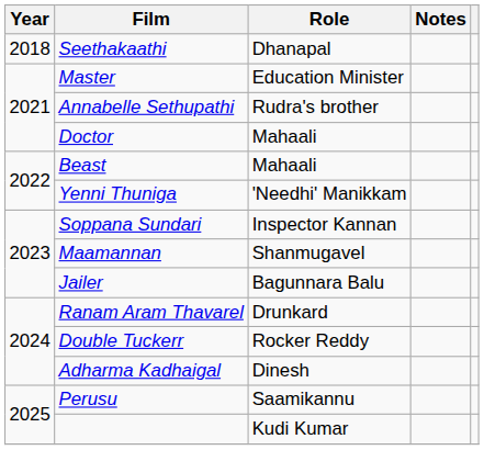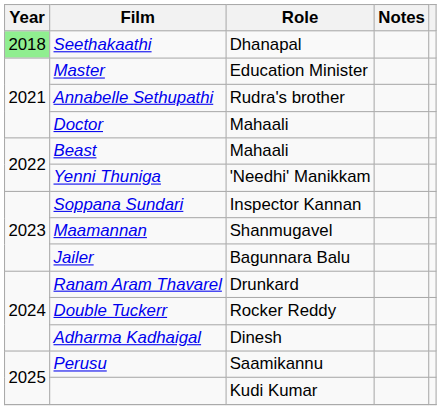 <table class="wikitable sortable">
 <tr>
 <th>Year</th>
 <th>Film</th>
 <th>Role</th>
 <th>Notes</th>
 <th class="unsortable"></th>
 </tr>
 <tr>
-<td>2018</td>
+<td style="background: lightgreen;">2018</td>
 <td><em><a href='#'>Seethakaathi</a></em></td>
 <td>Dhanapal</td>
 <td></td>
 <td></td>
 </tr>
 <tr>
 <td rowspan="3">2021</td>
 <td><em><a href='#'>Master</a></em></td>
 <td>Education Minister</td>
 <td></td>
 <td></td>
 </tr>
 <tr>
 <td><em><a href='#'>Annabelle Sethupathi</a></em></td>
 <td>Rudra's brother</td>
 <td></td>
 <td></td>
 </tr>
 <tr>
 <td><em><a href='#'>Doctor</a></em></td>
 <td>Mahaali</td>
 <td></td>
 <td></td>
 </tr>
 <tr>
 <td rowspan="2">2022</td>
 <td><em><a href='#'>Beast</a></em></td>
 <td>Mahaali</td>
 <td></td>
 <td></td>
 </tr>
 <tr>
 <td><em><a href='#'>Yenni Thuniga</a></em></td>
 <td>'Needhi' Manikkam</td>
 <td></td>
 <td></td>
 </tr>
 <tr>
 <td rowspan="3">2023</td>
 <td><em><a href='#'>Soppana Sundari</a></em></td>
 <td>Inspector Kannan</td>
 <td></td>
 <td></td>
 </tr>
 <tr>
 <td><em><a href='#'>Maamannan</a></em></td>
 <td>Shanmugavel</td>
 <td></td>
 <td></td>
 </tr>
 <tr>
 <td><em><a href='#'>Jailer</a></em></td>
 <td>Bagunnara Balu</td>
 <td></td>
 <td></td>
 </tr>
 <tr>
 <td rowspan="3">2024</td>
 <td><em><a href='#'>Ranam Aram Thavarel</a></em></td>
 <td>Drunkard</td>
 <td></td>
 <td></td>
 </tr>
 <tr>
 <td><em><a href='#'>Double Tuckerr</a></em></td>
 <td>Rocker Reddy</td>
 <td></td>
 <td></td>
 </tr>
 <tr>
 <td><em><a href='#'>Adharma Kadhaigal</a></em></td>
 <td>Dinesh</td>
 <td></td>
 <td></td>
 </tr>
 <tr>
 <td rowspan="2">2025</td>
 <td><em><a href='#'>Perusu</a></em></td>
 <td>Saamikannu</td>
 <td></td>
 <td></td>
 </tr>
 <tr>
 <td></td>
 <td>Kudi Kumar</td>
 <td></td>
 <td></td>
 </tr>
 <tr>
 </tr>
 </table>
